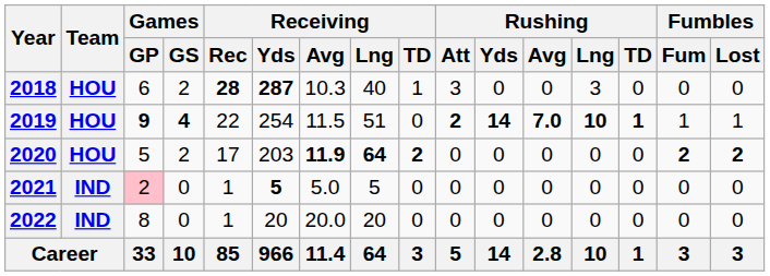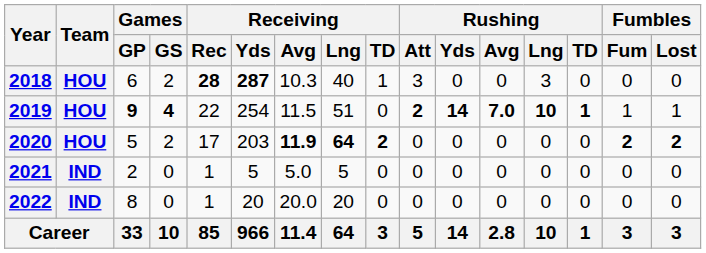 <table class="wikitable" style="text-align: center;">
 <tr>
 <th rowspan="2">Year</th>
 <th rowspan="2">Team</th>
 <th colspan="2">Games</th>
 <th colspan="5">Receiving</th>
 <th colspan="5">Rushing</th>
 <th colspan="2">Fumbles</th>
 </tr>
 <tr>
 <th>GP</th>
 <th>GS</th>
 <th>Rec</th>
 <th>Yds</th>
 <th>Avg</th>
 <th>Lng</th>
 <th>TD</th>
 <th>Att</th>
 <th>Yds</th>
 <th>Avg</th>
 <th>Lng</th>
 <th>TD</th>
 <th>Fum</th>
 <th>Lost</th>
 </tr>
 <tr>
 <th><a href='#'>2018</a></th>
 <th><a href='#'>HOU</a></th>
 <td>6</td>
 <td>2</td>
 <td><strong>28</strong></td>
 <td><strong>287</strong></td>
 <td>10.3</td>
 <td>40</td>
 <td>1</td>
 <td>3</td>
 <td>0</td>
 <td>0</td>
 <td>3</td>
 <td>0</td>
 <td>0</td>
 <td>0</td>
 </tr>
 <tr>
 <th><a href='#'>2019</a></th>
 <th><a href='#'>HOU</a></th>
 <td><strong>9</strong></td>
 <td><strong>4</strong></td>
 <td>22</td>
 <td>254</td>
 <td>11.5</td>
 <td>51</td>
 <td>0</td>
 <td><strong>2 </strong></td>
 <td><strong>14</strong></td>
 <td><strong>7.0</strong></td>
 <td><strong>10</strong></td>
 <td><strong>1</strong></td>
 <td>1</td>
 <td>1</td>
 </tr>
 <tr>
 <th><a href='#'>2020</a></th>
 <th><a href='#'>HOU</a></th>
 <td>5</td>
 <td>2</td>
 <td>17</td>
 <td>203</td>
 <td><strong>11.9</strong></td>
 <td><strong>64</strong></td>
 <td><strong>2</strong></td>
 <td>0</td>
 <td>0</td>
 <td>0</td>
 <td>0</td>
 <td>0</td>
 <td><strong>2</strong></td>
 <td><strong>2</strong></td>
 </tr>
 <tr>
 <th><a href='#'>2021</a></th>
 <th><a href='#'>IND</a></th>
-<td style="background: pink;">2</td>
+<td>2</td>
 <td>0</td>
 <td>1</td>
-<td><strong>5</strong></td>
+<td>5</td>
 <td>5.0</td>
 <td>5</td>
 <td>0</td>
 <td>0</td>
 <td>0</td>
 <td>0</td>
 <td>0</td>
 <td>0</td>
 <td>0</td>
 <td>0</td>
 </tr>
 <tr>
 <th><a href='#'>2022</a></th>
 <th><a href='#'>IND</a></th>
 <td>8</td>
 <td>0</td>
 <td>1</td>
 <td>20</td>
 <td>20.0</td>
 <td>20</td>
 <td>0</td>
 <td>0</td>
 <td>0</td>
 <td>0</td>
 <td>0</td>
 <td>0</td>
 <td>0</td>
 <td>0</td>
 </tr>
 <tr>
 <th colspan="2">Career</th>
 <th>33</th>
 <th>10</th>
 <th>85</th>
 <th>966</th>
 <th>11.4</th>
 <th>64</th>
 <th>3</th>
 <th>5</th>
 <th>14</th>
 <th>2.8</th>
 <th>10</th>
 <th>1</th>
 <th>3</th>
 <th>3</th>
 </tr>
 </table>
